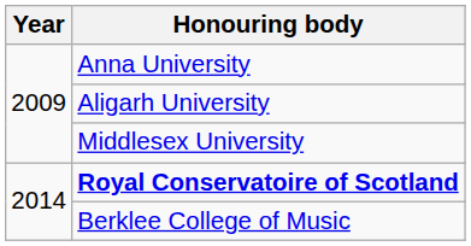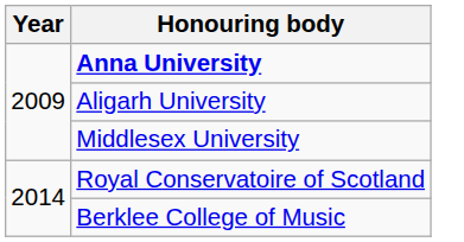 <table class="wikitable">
 <tr>
 <th>Year</th>
 <th>Honouring body</th>
 </tr>
 <tr>
 <td rowspan="3">2009</td>
-<td><a href='#'>Anna University</a></td>
+<td><strong><a href='#'>Anna University</a></strong></td>
 </tr>
 <tr>
 <td><a href='#'>Aligarh University</a></td>
 </tr>
 <tr>
 <td><a href='#'>Middlesex University</a></td>
 </tr>
 <tr>
 <td rowspan="2">2014</td>
-<td><strong><a href='#'>Royal Conservatoire of Scotland</a></strong></td>
+<td><a href='#'>Royal Conservatoire of Scotland</a></td>
 </tr>
 <tr>
 <td><a href='#'>Berklee College of Music</a></td>
 </tr>
 </table>
